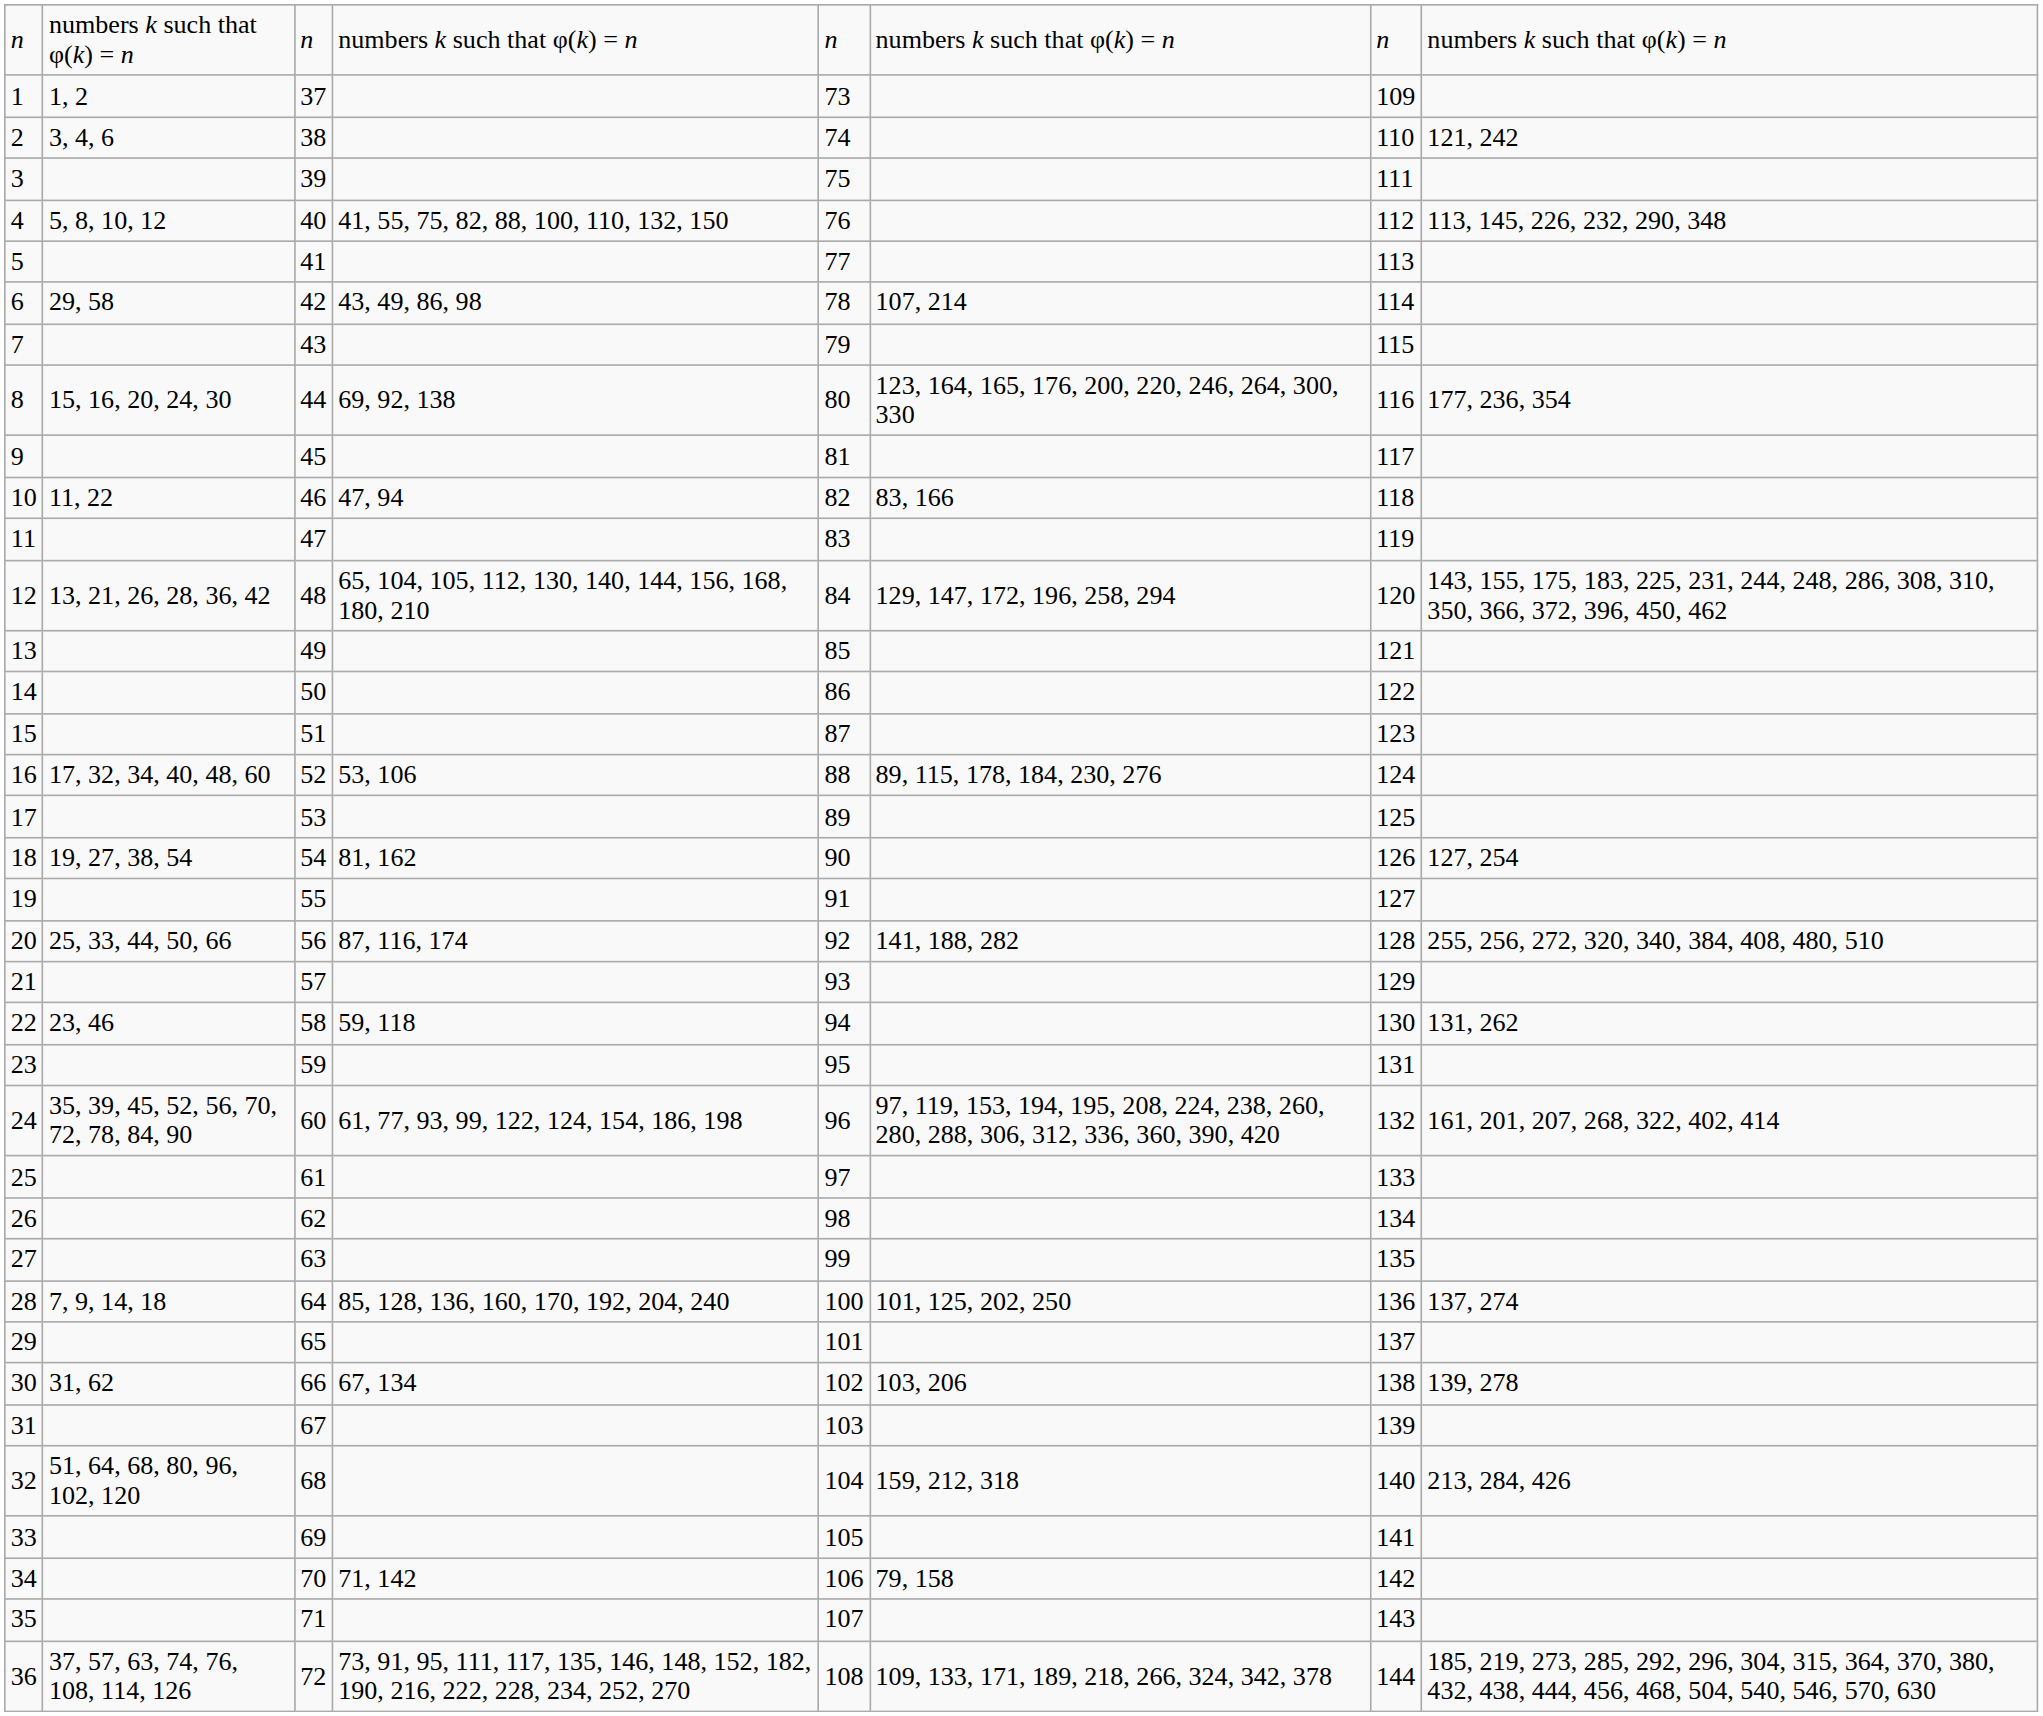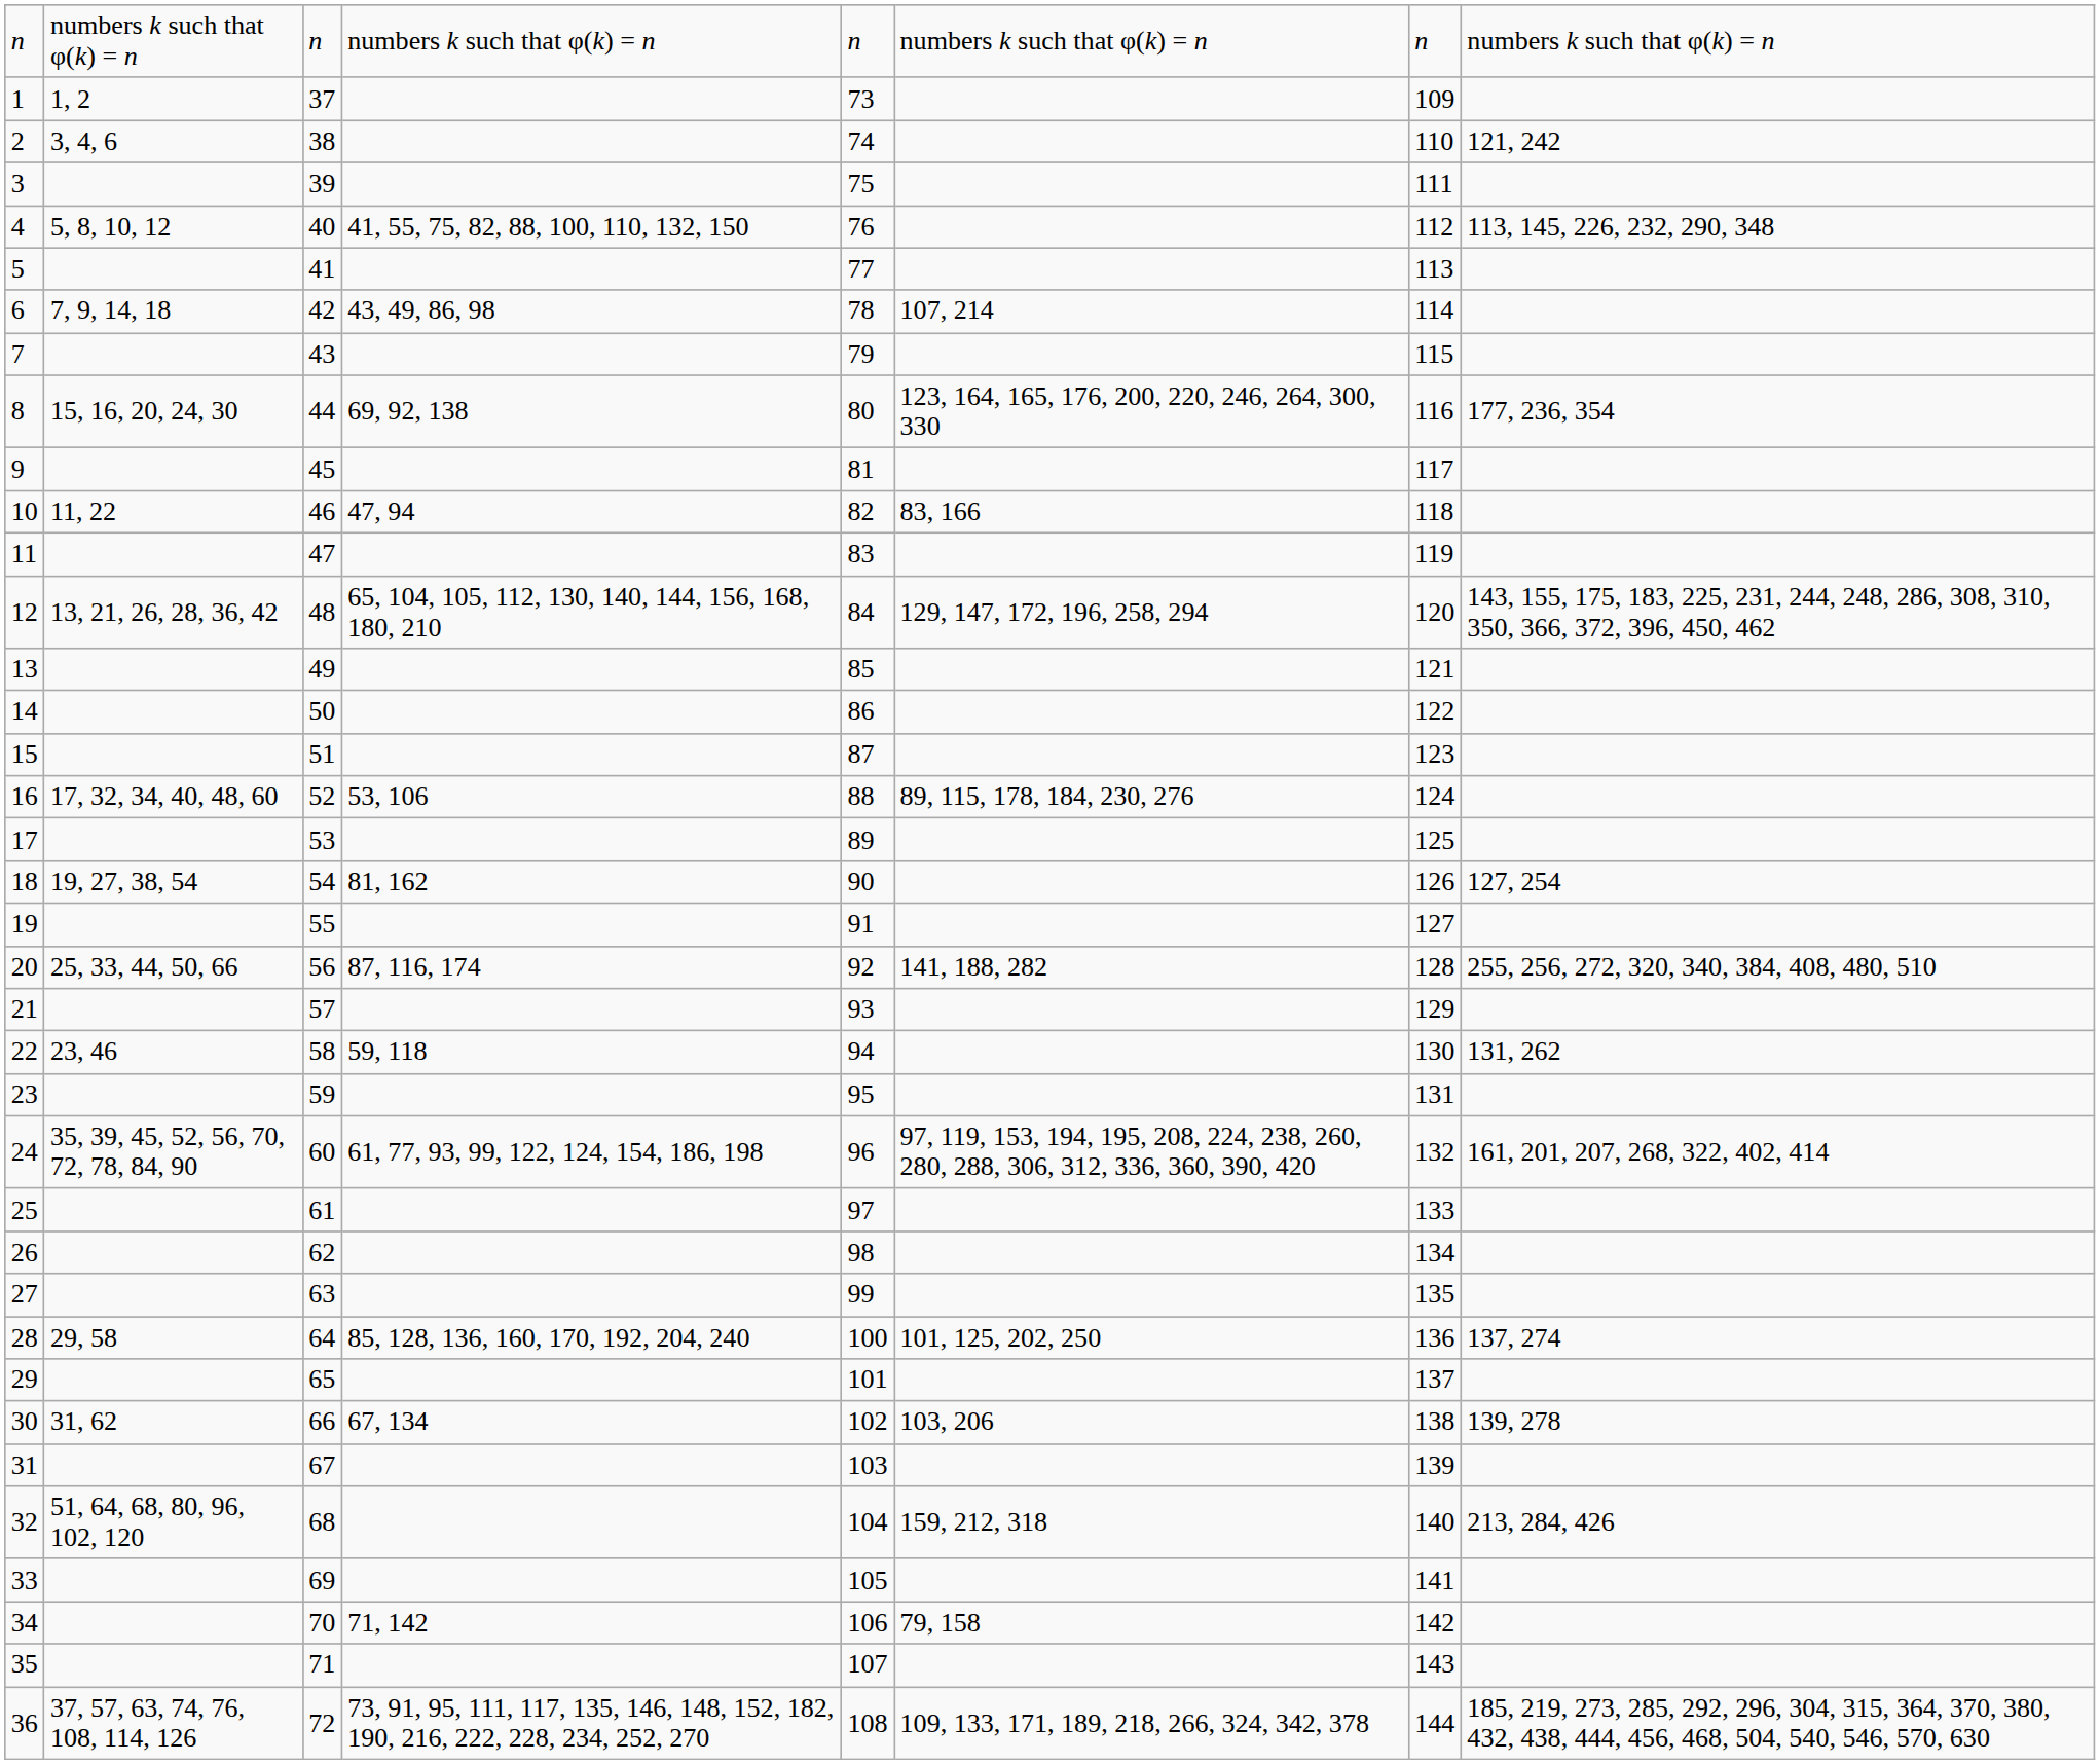 <table class="wikitable">
 <tr>
 <td><em>n</em></td>
 <td>numbers <em>k</em> such that φ(<em>k</em>) = <em>n</em></td>
 <td><em>n</em></td>
 <td>numbers <em>k</em> such that φ(<em>k</em>) = <em>n</em></td>
 <td><em>n</em></td>
 <td>numbers <em>k</em> such that φ(<em>k</em>) = <em>n</em></td>
 <td><em>n</em></td>
 <td>numbers <em>k</em> such that φ(<em>k</em>) = <em>n</em></td>
 </tr>
 <tr>
 <td>1</td>
 <td>1, 2</td>
 <td>37</td>
 <td></td>
 <td>73</td>
 <td></td>
 <td>109</td>
 <td></td>
 </tr>
 <tr>
 <td>2</td>
 <td>3, 4, 6</td>
 <td>38</td>
 <td></td>
 <td>74</td>
 <td></td>
 <td>110</td>
 <td>121, 242</td>
 </tr>
 <tr>
 <td>3</td>
 <td></td>
 <td>39</td>
 <td></td>
 <td>75</td>
 <td></td>
 <td>111</td>
 <td></td>
 </tr>
 <tr>
 <td>4</td>
 <td>5, 8, 10, 12</td>
 <td>40</td>
 <td>41, 55, 75, 82, 88, 100, 110, 132, 150</td>
 <td>76</td>
 <td></td>
 <td>112</td>
 <td>113, 145, 226, 232, 290, 348</td>
 </tr>
 <tr>
 <td>5</td>
 <td></td>
 <td>41</td>
 <td></td>
 <td>77</td>
 <td></td>
 <td>113</td>
 <td></td>
 </tr>
 <tr>
 <td>6</td>
-<td>29, 58</td>
+<td>7, 9, 14, 18</td>
 <td>42</td>
 <td>43, 49, 86, 98</td>
 <td>78</td>
 <td>107, 214</td>
 <td>114</td>
 <td></td>
 </tr>
 <tr>
 <td>7</td>
 <td></td>
 <td>43</td>
 <td></td>
 <td>79</td>
 <td></td>
 <td>115</td>
 <td></td>
 </tr>
 <tr>
 <td>8</td>
 <td>15, 16, 20, 24, 30</td>
 <td>44</td>
 <td>69, 92, 138</td>
 <td>80</td>
 <td>123, 164, 165, 176, 200, 220, 246, 264, 300, 330</td>
 <td>116</td>
 <td>177, 236, 354</td>
 </tr>
 <tr>
 <td>9</td>
 <td></td>
 <td>45</td>
 <td></td>
 <td>81</td>
 <td></td>
 <td>117</td>
 <td></td>
 </tr>
 <tr>
 <td>10</td>
 <td>11, 22</td>
 <td>46</td>
 <td>47, 94</td>
 <td>82</td>
 <td>83, 166</td>
 <td>118</td>
 <td></td>
 </tr>
 <tr>
 <td>11</td>
 <td></td>
 <td>47</td>
 <td></td>
 <td>83</td>
 <td></td>
 <td>119</td>
 <td></td>
 </tr>
 <tr>
 <td>12</td>
 <td>13, 21, 26, 28, 36, 42</td>
 <td>48</td>
 <td>65, 104, 105, 112, 130, 140, 144, 156, 168, 180, 210</td>
 <td>84</td>
 <td>129, 147, 172, 196, 258, 294</td>
 <td>120</td>
 <td>143, 155, 175, 183, 225, 231, 244, 248, 286, 308, 310, 350, 366, 372, 396, 450, 462</td>
 </tr>
 <tr>
 <td>13</td>
 <td></td>
 <td>49</td>
 <td></td>
 <td>85</td>
 <td></td>
 <td>121</td>
 <td></td>
 </tr>
 <tr>
 <td>14</td>
 <td></td>
 <td>50</td>
 <td></td>
 <td>86</td>
 <td></td>
 <td>122</td>
 <td></td>
 </tr>
 <tr>
 <td>15</td>
 <td></td>
 <td>51</td>
 <td></td>
 <td>87</td>
 <td></td>
 <td>123</td>
 <td></td>
 </tr>
 <tr>
 <td>16</td>
 <td>17, 32, 34, 40, 48, 60</td>
 <td>52</td>
 <td>53, 106</td>
 <td>88</td>
 <td>89, 115, 178, 184, 230, 276</td>
 <td>124</td>
 <td></td>
 </tr>
 <tr>
 <td>17</td>
 <td></td>
 <td>53</td>
 <td></td>
 <td>89</td>
 <td></td>
 <td>125</td>
 <td></td>
 </tr>
 <tr>
 <td>18</td>
 <td>19, 27, 38, 54</td>
 <td>54</td>
 <td>81, 162</td>
 <td>90</td>
 <td></td>
 <td>126</td>
 <td>127, 254</td>
 </tr>
 <tr>
 <td>19</td>
 <td></td>
 <td>55</td>
 <td></td>
 <td>91</td>
 <td></td>
 <td>127</td>
 <td></td>
 </tr>
 <tr>
 <td>20</td>
 <td>25, 33, 44, 50, 66</td>
 <td>56</td>
 <td>87, 116, 174</td>
 <td>92</td>
 <td>141, 188, 282</td>
 <td>128</td>
 <td>255, 256, 272, 320, 340, 384, 408, 480, 510</td>
 </tr>
 <tr>
 <td>21</td>
 <td></td>
 <td>57</td>
 <td></td>
 <td>93</td>
 <td></td>
 <td>129</td>
 <td></td>
 </tr>
 <tr>
 <td>22</td>
 <td>23, 46</td>
 <td>58</td>
 <td>59, 118</td>
 <td>94</td>
 <td></td>
 <td>130</td>
 <td>131, 262</td>
 </tr>
 <tr>
 <td>23</td>
 <td></td>
 <td>59</td>
 <td></td>
 <td>95</td>
 <td></td>
 <td>131</td>
 <td></td>
 </tr>
 <tr>
 <td>24</td>
 <td>35, 39, 45, 52, 56, 70, 72, 78, 84, 90</td>
 <td>60</td>
 <td>61, 77, 93, 99, 122, 124, 154, 186, 198</td>
 <td>96</td>
 <td>97, 119, 153, 194, 195, 208, 224, 238, 260, 280, 288, 306, 312, 336, 360, 390, 420</td>
 <td>132</td>
 <td>161, 201, 207, 268, 322, 402, 414</td>
 </tr>
 <tr>
 <td>25</td>
 <td></td>
 <td>61</td>
 <td></td>
 <td>97</td>
 <td></td>
 <td>133</td>
 <td></td>
 </tr>
 <tr>
 <td>26</td>
 <td></td>
 <td>62</td>
 <td></td>
 <td>98</td>
 <td></td>
 <td>134</td>
 <td></td>
 </tr>
 <tr>
 <td>27</td>
 <td></td>
 <td>63</td>
 <td></td>
 <td>99</td>
 <td></td>
 <td>135</td>
 <td></td>
 </tr>
 <tr>
 <td>28</td>
-<td>7, 9, 14, 18</td>
+<td>29, 58</td>
 <td>64</td>
 <td>85, 128, 136, 160, 170, 192, 204, 240</td>
 <td>100</td>
 <td>101, 125, 202, 250</td>
 <td>136</td>
 <td>137, 274</td>
 </tr>
 <tr>
 <td>29</td>
 <td></td>
 <td>65</td>
 <td></td>
 <td>101</td>
 <td></td>
 <td>137</td>
 <td></td>
 </tr>
 <tr>
 <td>30</td>
 <td>31, 62</td>
 <td>66</td>
 <td>67, 134</td>
 <td>102</td>
 <td>103, 206</td>
 <td>138</td>
 <td>139, 278</td>
 </tr>
 <tr>
 <td>31</td>
 <td></td>
 <td>67</td>
 <td></td>
 <td>103</td>
 <td></td>
 <td>139</td>
 <td></td>
 </tr>
 <tr>
 <td>32</td>
 <td>51, 64, 68, 80, 96, 102, 120</td>
 <td>68</td>
 <td></td>
 <td>104</td>
 <td>159, 212, 318</td>
 <td>140</td>
 <td>213, 284, 426</td>
 </tr>
 <tr>
 <td>33</td>
 <td></td>
 <td>69</td>
 <td></td>
 <td>105</td>
 <td></td>
 <td>141</td>
 <td></td>
 </tr>
 <tr>
 <td>34</td>
 <td></td>
 <td>70</td>
 <td>71, 142</td>
 <td>106</td>
 <td>79, 158</td>
 <td>142</td>
 <td></td>
 </tr>
 <tr>
 <td>35</td>
 <td></td>
 <td>71</td>
 <td></td>
 <td>107</td>
 <td></td>
 <td>143</td>
 <td></td>
 </tr>
 <tr>
 <td>36</td>
 <td>37, 57, 63, 74, 76, 108, 114, 126</td>
 <td>72</td>
 <td>73, 91, 95, 111, 117, 135, 146, 148, 152, 182, 190, 216, 222, 228, 234, 252, 270</td>
 <td>108</td>
 <td>109, 133, 171, 189, 218, 266, 324, 342, 378</td>
 <td>144</td>
 <td>185, 219, 273, 285, 292, 296, 304, 315, 364, 370, 380, 432, 438, 444, 456, 468, 504, 540, 546, 570, 630</td>
 </tr>
 </table>
